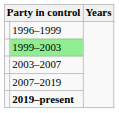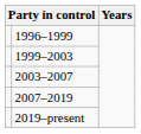 <table class="wikitable">
 <tr>
 <th colspan="2">Party in control</th>
 <th>Years</th>
 </tr>
 <tr>
 <td></td>
 <td>1996–1999</td>
 </tr>
 <tr>
 <td></td>
-<td style="background: lightgreen;">1999–2003</td>
+<td>1999–2003</td>
 </tr>
 <tr>
 <td></td>
 <td>2003–2007</td>
 </tr>
 <tr>
 <td></td>
 <td>2007–2019</td>
 </tr>
 <tr>
 <td></td>
-<td><strong>2019–present</strong></td>
+<td>2019–present</td>
 </tr>
 </table>
